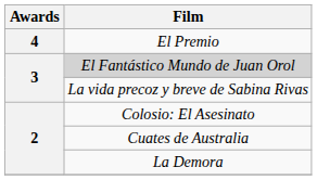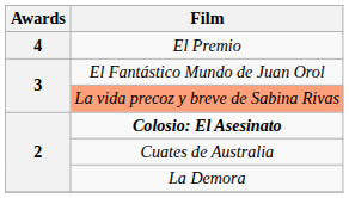 <table class="wikitable plainrowheaders" style="text-align:center;">
 <tr>
 <th scope="col" width="55">Awards</th>
 <th scope="col" align="center">Film</th>
 </tr>
 <tr>
 <th scope=row rowspan=1 style="text-align:center">4</th>
 <td><em>El Premio</em></td>
 </tr>
 <tr>
 <th scope=row rowspan=2 style="text-align:center">3</th>
-<td style="background: lightgrey;"><em>El Fantástico Mundo de Juan Orol</em></td>
+<td><em>El Fantástico Mundo de Juan Orol</em></td>
 </tr>
 <tr>
-<td><em>La vida precoz y breve de Sabina Rivas</em></td>
+<td style="background: lightsalmon;"><em>La vida precoz y breve de Sabina Rivas</em></td>
 </tr>
 <tr>
 <th scope=row rowspan=3 style="text-align:center">2</th>
-<td><em>Colosio: El Asesinato</em></td>
+<td><strong><em>Colosio: El Asesinato</em></strong></td>
 </tr>
 <tr>
 <td><em>Cuates de Australia</em></td>
 </tr>
 <tr>
 <td><em>La Demora</em></td>
 </tr>
 <tr>
 </tr>
 </table>
